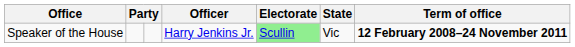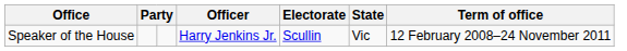 <table class="wikitable">
 <tr>
 <th>Office</th>
 <th colspan="2">Party</th>
 <th>Officer</th>
 <th>Electorate</th>
 <th>State</th>
 <th>Term of office</th>
 </tr>
 <tr>
 <td>Speaker of the House</td>
 <td></td>
 <td></td>
 <td><a href='#'>Harry Jenkins Jr.</a></td>
-<td style="background: lightgreen;"><a href='#'>Scullin</a></td>
+<td><a href='#'>Scullin</a></td>
 <td>Vic</td>
-<td><strong>12 February 2008–24 November 2011</strong></td>
+<td>12 February 2008–24 November 2011</td>
 </tr>
 </table>
